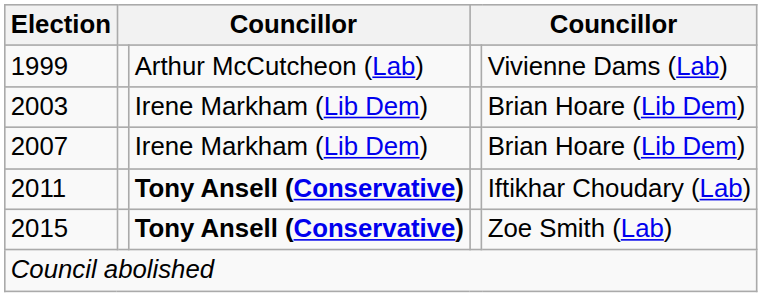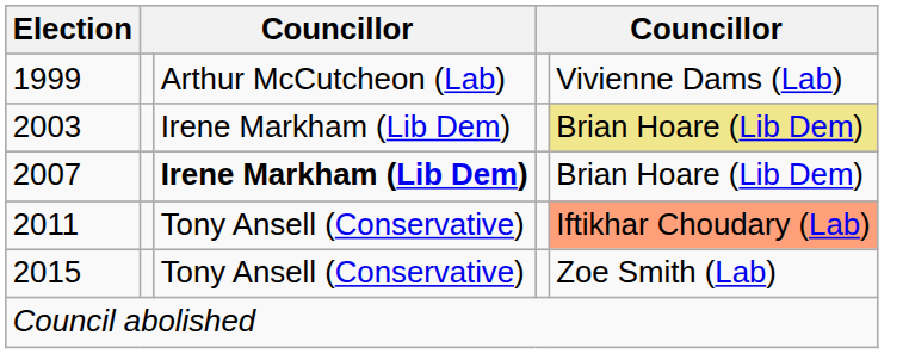 <table class="wikitable">
 <tr>
 <th>Election</th>
 <th colspan="2">Councillor</th>
 <th colspan="2">Councillor</th>
 </tr>
 <tr>
 <td>1999</td>
 <td style="background-color: "></td>
 <td>Arthur McCutcheon (<a href='#'>Lab</a>)</td>
 <td style="background-color: "></td>
 <td>Vivienne Dams (<a href='#'>Lab</a>)</td>
 </tr>
 <tr>
 <td>2003</td>
 <td style="background-color: "></td>
 <td>Irene Markham (<a href='#'>Lib Dem</a>)</td>
 <td style="background-color: "></td>
-<td>Brian Hoare (<a href='#'>Lib Dem</a>)</td>
+<td style="background: khaki;">Brian Hoare (<a href='#'>Lib Dem</a>)</td>
 </tr>
 <tr>
 <td>2007</td>
 <td style="background-color: "></td>
-<td>Irene Markham (<a href='#'>Lib Dem</a>)</td>
+<td><strong>Irene Markham (<a href='#'>Lib Dem</a>)</strong></td>
 <td style="background-color: "></td>
 <td>Brian Hoare (<a href='#'>Lib Dem</a>)</td>
 </tr>
 <tr>
 <td>2011</td>
 <td style="background-color: "></td>
-<td><strong>Tony Ansell (<a href='#'>Conservative</a>)</strong></td>
+<td>Tony Ansell (<a href='#'>Conservative</a>)</td>
 <td style="background-color: "></td>
-<td>Iftikhar Choudary (<a href='#'>Lab</a>)</td>
+<td style="background: lightsalmon;">Iftikhar Choudary (<a href='#'>Lab</a>)</td>
 </tr>
 <tr>
 <td>2015</td>
 <td style="background-color: "></td>
-<td><strong>Tony Ansell (<a href='#'>Conservative</a>)</strong></td>
+<td>Tony Ansell (<a href='#'>Conservative</a>)</td>
 <td style="background-color: "></td>
 <td>Zoe Smith (<a href='#'>Lab</a>)</td>
 </tr>
 <tr>
 <td colspan="5"><em>Council abolished</em></td>
 </tr>
 </table>
